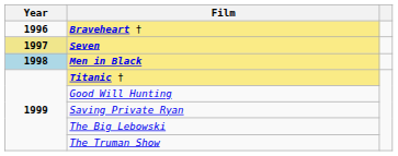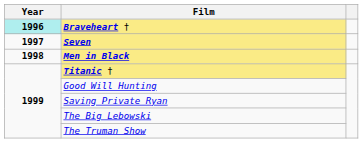 <table class="wikitable" width="40%">
 <tr>
 <th width="10%">Year</th>
 <th width="50%">Film</th>
 <th width="2%"></th>
 </tr>
 <tr>
-<td style="text-align:center"><strong>1996<br> </strong></td>
+<td style="background: paleturquoise; text-align:center"><strong>1996<br> </strong></td>
 <td style="background:#FAEB86"><strong><em><a href='#'>Braveheart</a></em></strong> †</td>
 <td style="text-align:center"></td>
 </tr>
 <tr>
-<td style="background: khaki; text-align:center"><strong>1997<br> </strong></td>
+<td style="text-align:center"><strong>1997<br> </strong></td>
 <td style="background:#FAEB86"><strong><em><a href='#'>Seven</a></em></strong></td>
 <td style="text-align:center"></td>
 </tr>
 <tr>
-<td style="background: lightblue; text-align:center"><strong>1998<br> </strong></td>
+<td style="text-align:center"><strong>1998<br> </strong></td>
 <td style="background:#FAEB86"><strong><em><a href='#'>Men in Black</a></em></strong></td>
 <td style="text-align:center"></td>
 </tr>
 <tr>
 <td rowspan="5" style="text-align:center"><strong>1999<br> </strong></td>
 <td style="background:#FAEB86"><strong><em><a href='#'>Titanic</a></em></strong> †</td>
 <td rowspan="5" style="text-align:center"></td>
 </tr>
 <tr>
 <td><em><a href='#'>Good Will Hunting</a></em></td>
 </tr>
 <tr>
 <td><em><a href='#'>Saving Private Ryan</a></em></td>
 </tr>
 <tr>
 <td><em><a href='#'>The Big Lebowski</a></em></td>
 </tr>
 <tr>
 <td><em><a href='#'>The Truman Show</a></em></td>
 </tr>
 </table>
